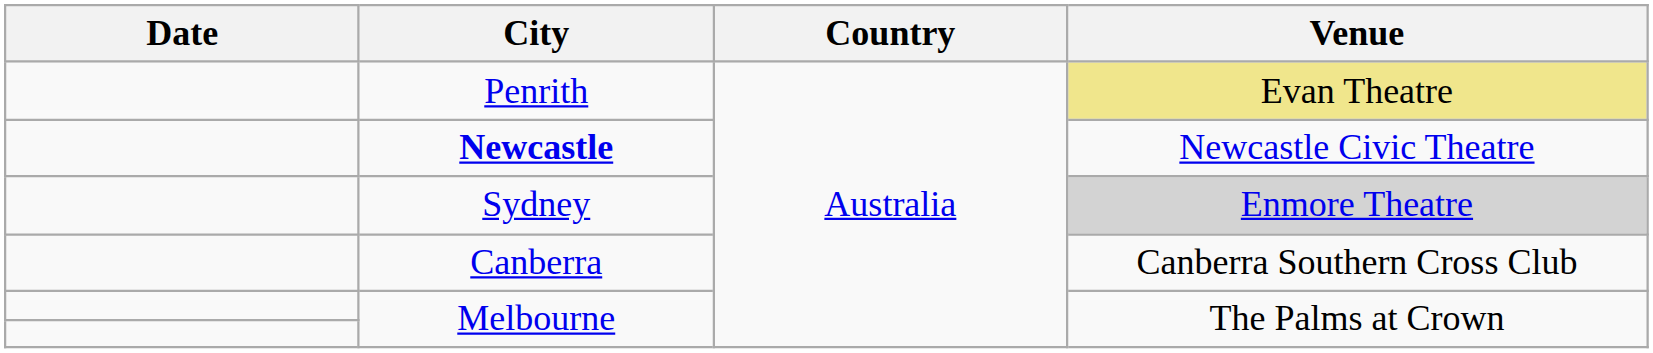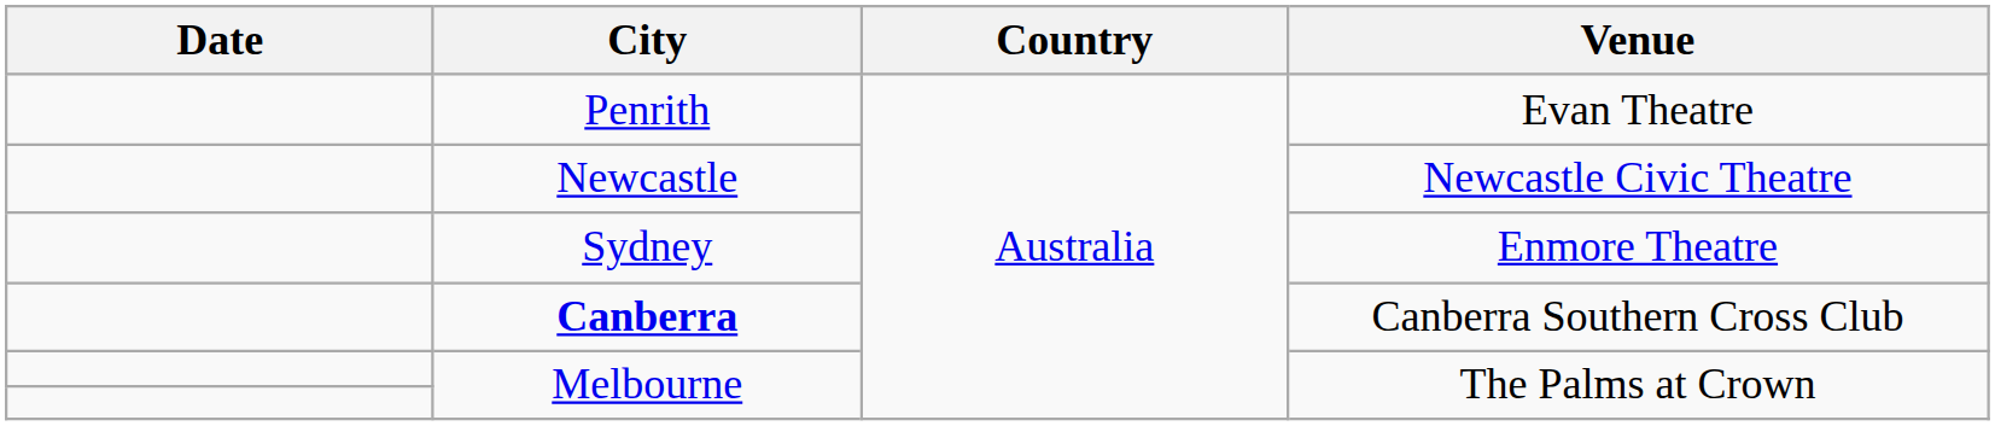 <table class="wikitable" style="text-align:center">
 <tr>
 <th style="width:150px">Date</th>
 <th style="width:150px">City</th>
 <th style="width:150px">Country</th>
 <th style="width:250px">Venue</th>
 </tr>
 <tr>
 <td></td>
 <td><a href='#'>Penrith</a></td>
 <td rowspan="6"><a href='#'>Australia</a></td>
-<td style="background: khaki;">Evan Theatre</td>
+<td>Evan Theatre</td>
 </tr>
 <tr>
 <td></td>
-<td><strong><a href='#'>Newcastle</a></strong></td>
+<td><a href='#'>Newcastle</a></td>
 <td><a href='#'>Newcastle Civic Theatre</a></td>
 </tr>
 <tr>
 <td></td>
 <td><a href='#'>Sydney</a></td>
-<td style="background: lightgrey;"><a href='#'>Enmore Theatre</a></td>
+<td><a href='#'>Enmore Theatre</a></td>
 </tr>
 <tr>
 <td></td>
-<td><a href='#'>Canberra</a></td>
+<td><strong><a href='#'>Canberra</a></strong></td>
 <td>Canberra Southern Cross Club</td>
 </tr>
 <tr>
 <td></td>
 <td rowspan="2"><a href='#'>Melbourne</a></td>
 <td rowspan="2">The Palms at Crown</td>
 </tr>
 <tr>
 <td></td>
 </tr>
 </table>
